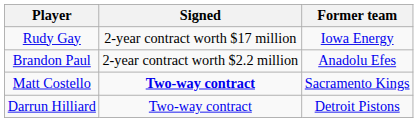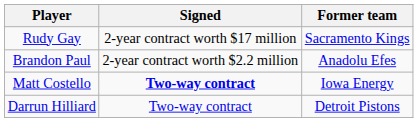 <table class="wikitable sortable sortable" style="text-align: center">
 <tr>
 <th>Player</th>
 <th>Signed</th>
 <th>Former team</th>
 </tr>
 <tr style="text-align: center">
 <td><a href='#'>Rudy Gay</a></td>
 <td>2-year contract worth $17 million</td>
-<td><a href='#'>Iowa Energy</a></td>
+<td><a href='#'>Sacramento Kings</a></td>
 </tr>
 <tr style="text-align: center">
 <td><a href='#'>Brandon Paul</a></td>
 <td>2-year contract worth $2.2 million</td>
 <td> <a href='#'>Anadolu Efes</a></td>
 </tr>
 <tr style="text-align: center">
 <td><a href='#'>Matt Costello</a></td>
 <td><strong><a href='#'>Two-way contract</a></strong></td>
-<td><a href='#'>Sacramento Kings</a></td>
+<td><a href='#'>Iowa Energy</a></td>
 </tr>
 <tr style="text-align: center">
 <td><a href='#'>Darrun Hilliard</a></td>
 <td><a href='#'>Two-way contract</a></td>
 <td><a href='#'>Detroit Pistons</a></td>
 </tr>
 </table>
